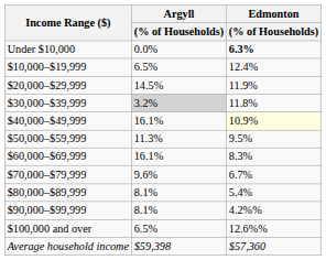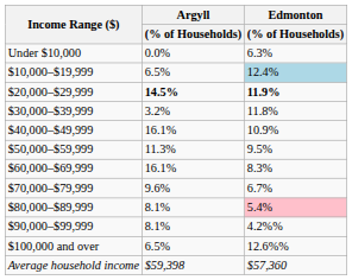 <table class="wikitable">
 <tr>
 <th rowspan="2">Income Range ($)</th>
 <th>Argyll</th>
 <th>Edmonton</th>
 </tr>
 <tr>
 <th>(% of Households)</th>
 <th>(% of Households)</th>
 </tr>
 <tr>
 <td>Under $10,000</td>
 <td>0.0%</td>
-<td><strong>6.3%</strong></td>
+<td>6.3%</td>
 </tr>
 <tr>
 <td>$10,000–$19,999</td>
 <td>6.5%</td>
-<td>12.4%</td>
+<td style="background: lightblue;">12.4%</td>
 </tr>
 <tr>
 <td>$20,000–$29,999</td>
-<td>14.5%</td>
-<td>11.9%</td>
+<td><strong>14.5%</strong></td>
+<td><strong>11.9%</strong></td>
 </tr>
 <tr>
 <td>$30,000–$39,999</td>
-<td style="background: lightgrey;">3.2%</td>
+<td>3.2%</td>
 <td>11.8%</td>
 </tr>
 <tr>
 <td>$40,000–$49,999</td>
 <td>16.1%</td>
-<td style="background: lightyellow;">10.9%</td>
+<td>10.9%</td>
 </tr>
 <tr>
 <td>$50,000–$59,999</td>
 <td>11.3%</td>
 <td>9.5%</td>
 </tr>
 <tr>
 <td>$60,000–$69,999</td>
 <td>16.1%</td>
 <td>8.3%</td>
 </tr>
 <tr>
 <td>$70,000–$79,999</td>
 <td>9.6%</td>
 <td>6.7%</td>
 </tr>
 <tr>
 <td>$80,000–$89,999</td>
 <td>8.1%</td>
-<td>5.4%</td>
+<td style="background: pink;">5.4%</td>
 </tr>
 <tr>
 <td>$90,000–$99,999</td>
 <td>8.1%</td>
 <td>4.2%%</td>
 </tr>
 <tr>
 <td>$100,000 and over</td>
 <td>6.5%</td>
 <td>12.6%%</td>
 </tr>
 <tr>
 <td><em>Average household income</em></td>
 <td><em>$59,398</em></td>
 <td><em>$57,360</em></td>
 </tr>
 </table>
